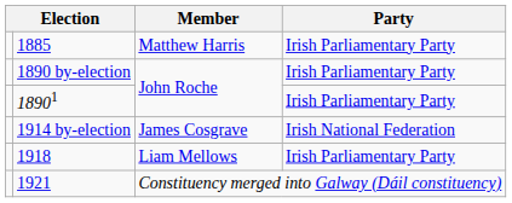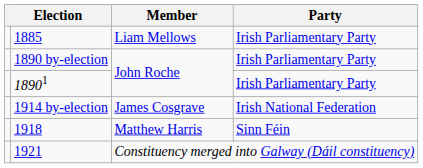 <table class="wikitable">
 <tr>
 <th colspan="2">Election</th>
 <th>Member</th>
 <th>Party</th>
 </tr>
 <tr>
 <td style="color:inherit;background-color: "></td>
 <td><a href='#'>1885</a></td>
-<td><a href='#'>Matthew Harris</a></td>
+<td><a href='#'>Liam Mellows</a></td>
 <td><a href='#'>Irish Parliamentary Party</a></td>
 </tr>
 <tr>
 <td style="color:inherit;background-color: "></td>
 <td><a href='#'>1890 by-election</a></td>
 <td rowspan=2><a href='#'>John Roche</a></td>
 <td><a href='#'>Irish Parliamentary Party</a></td>
 </tr>
 <tr>
 <td style="color:inherit;background-color: "></td>
 <td><em>1890</em><sup>1</sup></td>
 <td><a href='#'>Irish Parliamentary Party</a></td>
 </tr>
 <tr>
 <td style="color:inherit;background-color: "></td>
 <td><a href='#'>1914 by-election</a></td>
 <td><a href='#'>James Cosgrave</a></td>
 <td><a href='#'>Irish National Federation</a></td>
 </tr>
 <tr>
 <td style="color:inherit;background-color: "></td>
 <td><a href='#'>1918</a></td>
-<td><a href='#'>Liam Mellows</a></td>
-<td><a href='#'>Irish Parliamentary Party</a></td>
+<td><a href='#'>Matthew Harris</a></td>
+<td><a href='#'>Sinn Féin</a></td>
 </tr>
 <tr>
 <td></td>
 <td><a href='#'>1921</a></td>
 <td colspan="2"><em>Constituency merged into <a href='#'>Galway (Dáil constituency)</a></em></td>
 </tr>
 </table>
